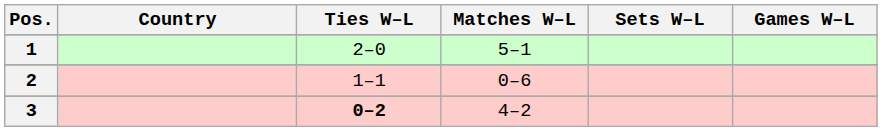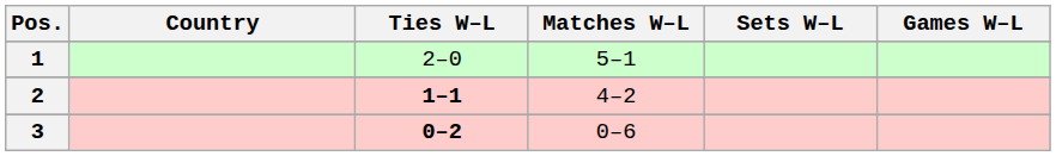 <table class="wikitable nowrap" style=text-align:center>
 <tr>
 <th>Pos.</th>
 <th width=170>Country</th>
 <th width=100>Ties W–L</th>
 <th width=100>Matches W–L</th>
 <th width=100>Sets W–L</th>
 <th width=100>Games W–L</th>
 </tr>
 <tr>
 </tr>
 <tr>
 </tr>
 <tr style=background:#ccffcc>
 <th>1</th>
 <td align=left></td>
 <td>2–0</td>
 <td>5–1</td>
 <td></td>
 <td></td>
 </tr>
 <tr>
 </tr>
 <tr>
 </tr>
 <tr style=background:#ffcccc>
 <th>2</th>
 <td align=left> </td>
-<td>1–1</td>
-<td>0–6</td>
+<td><strong>1–1</strong></td>
+<td>4–2</td>
 <td></td>
 <td></td>
 </tr>
 <tr>
 </tr>
 <tr style=background:#ffcccc>
 <th>3</th>
 <td align=left></td>
 <td><strong>0–2</strong></td>
-<td>4–2</td>
+<td>0–6</td>
 <td></td>
 <td></td>
 </tr>
 </table>
